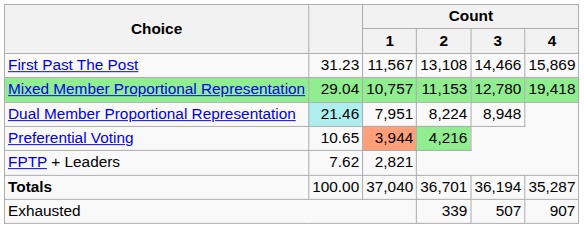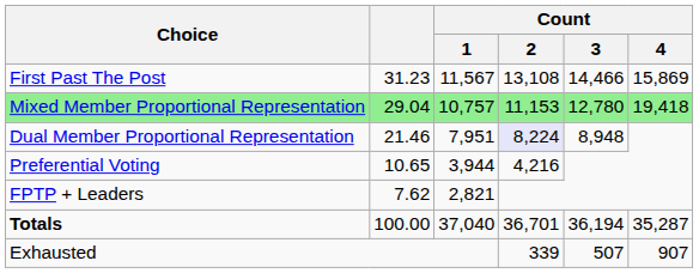 <table class="wikitable" style="text-align:right;">
 <tr>
 <th rowspan="2">Choice</th>
 <th rowspan="2"></th>
 <th colspan="4">Count</th>
 </tr>
 <tr>
 <th>1</th>
 <th>2</th>
 <th>3</th>
 <th>4</th>
 </tr>
 <tr>
 <td style="text-align:left;"><a href='#'>First Past The Post</a></td>
 <td>31.23</td>
 <td>11,567</td>
 <td>13,108</td>
 <td>14,466</td>
 <td>15,869</td>
 </tr>
 <tr style="background-color:lightgreen;">
 <td style="text-align:left;"><a href='#'>Mixed Member Proportional Representation</a></td>
 <td>29.04</td>
 <td>10,757</td>
 <td>11,153</td>
 <td>12,780</td>
 <td>19,418</td>
 </tr>
 <tr>
 <td style="text-align:left;"><a href='#'>Dual Member Proportional Representation</a></td>
-<td style="background: paleturquoise;">21.46</td>
+<td>21.46</td>
 <td>7,951</td>
-<td>8,224</td>
+<td style="background: lavender;">8,224</td>
 <td>8,948</td>
 </tr>
 <tr>
 <td style="text-align:left;"><a href='#'>Preferential Voting</a></td>
 <td>10.65</td>
-<td style="background: lightsalmon;">3,944</td>
-<td style="background: lightgreen;">4,216</td>
+<td>3,944</td>
+<td>4,216</td>
 </tr>
 <tr>
 <td style="text-align:left;"><a href='#'>FPTP</a> + Leaders</td>
 <td>7.62</td>
 <td>2,821</td>
 </tr>
 <tr>
 <td style="text-align:left;"><strong>Totals</strong></td>
 <td>100.00</td>
 <td>37,040</td>
 <td>36,701</td>
 <td>36,194</td>
 <td>35,287</td>
 </tr>
 <tr>
 <td colspan="3" style="text-align:left;">Exhausted</td>
 <td>339</td>
 <td>507</td>
 <td>907</td>
 </tr>
 </table>
